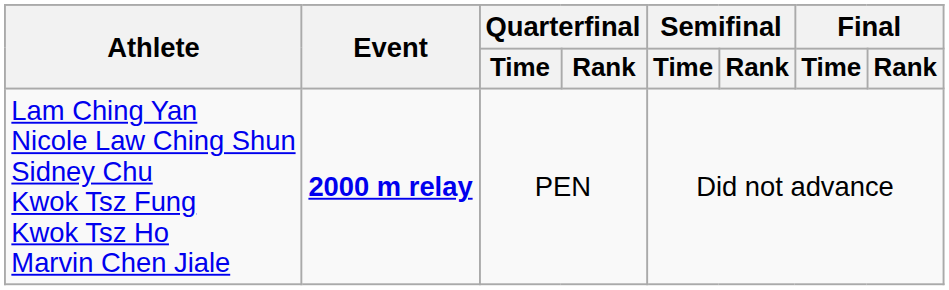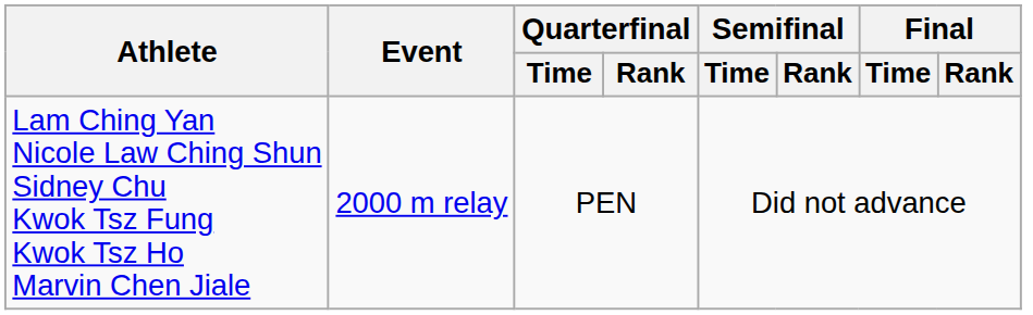 <table class="wikitable" style="font-size:90%">
 <tr>
 <th rowspan=2>Athlete</th>
 <th rowspan=2>Event</th>
 <th colspan=2>Quarterfinal</th>
 <th colspan=2>Semifinal</th>
 <th colspan=2>Final</th>
 </tr>
 <tr style="font-size:95%">
 <th>Time</th>
 <th>Rank</th>
 <th>Time</th>
 <th>Rank</th>
 <th>Time</th>
 <th>Rank</th>
 </tr>
 <tr align=center>
 <td align=left><a href='#'>Lam Ching Yan</a><br><a href='#'>Nicole Law Ching Shun</a><br><a href='#'>Sidney Chu</a><br><a href='#'>Kwok Tsz Fung</a><br><a href='#'>Kwok Tsz Ho</a><br><a href='#'>Marvin Chen Jiale</a><br></td>
-<td align=left><strong><a href='#'>2000 m relay</a></strong></td>
+<td align=left><a href='#'>2000 m relay</a></td>
 <td colspan=2>PEN</td>
 <td colspan=8>Did not advance</td>
 </tr>
 </table>
